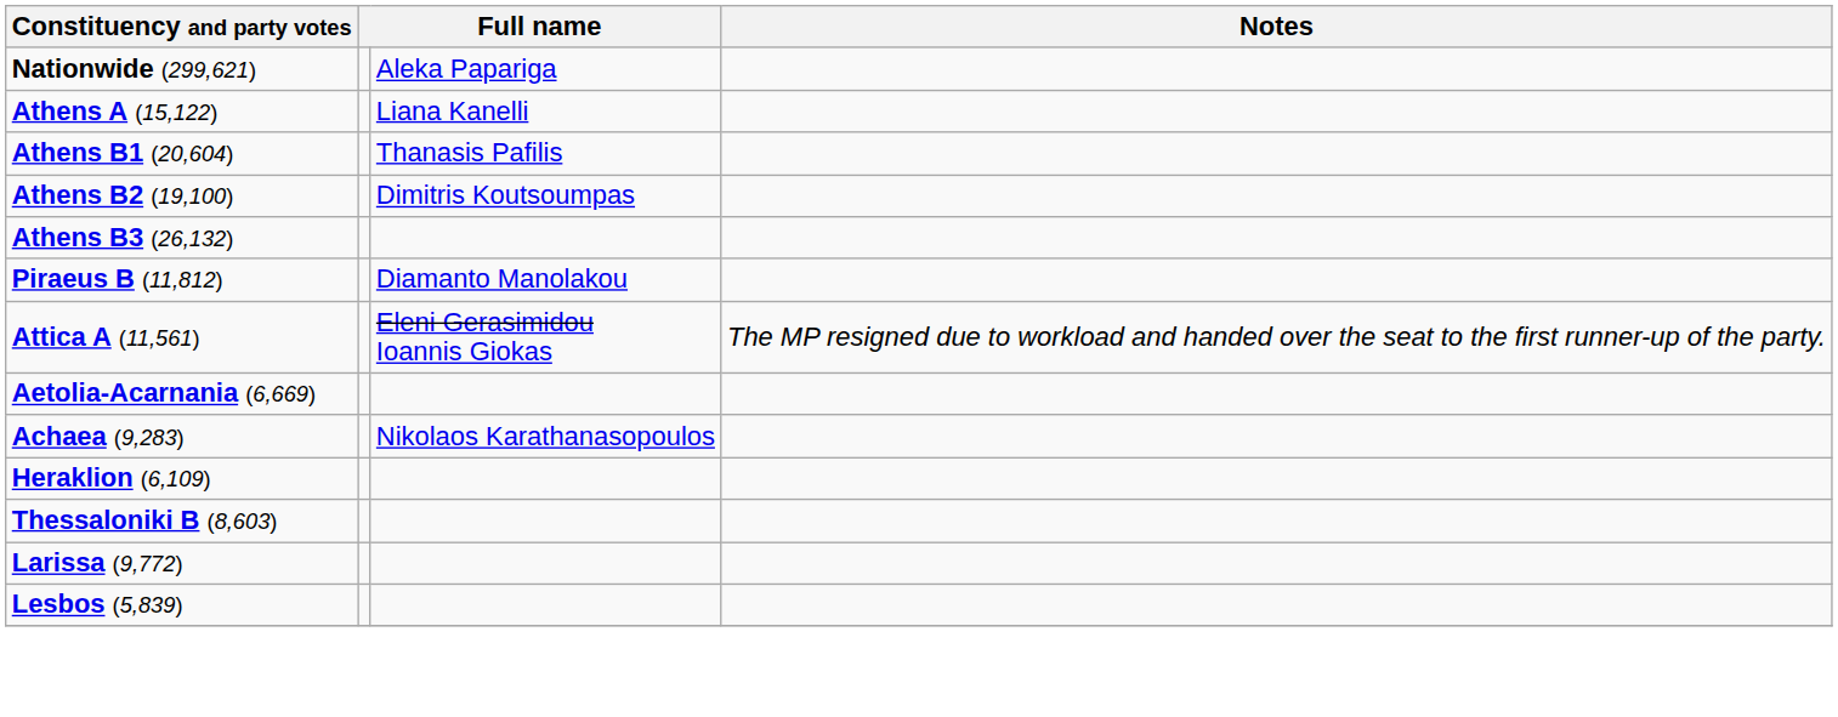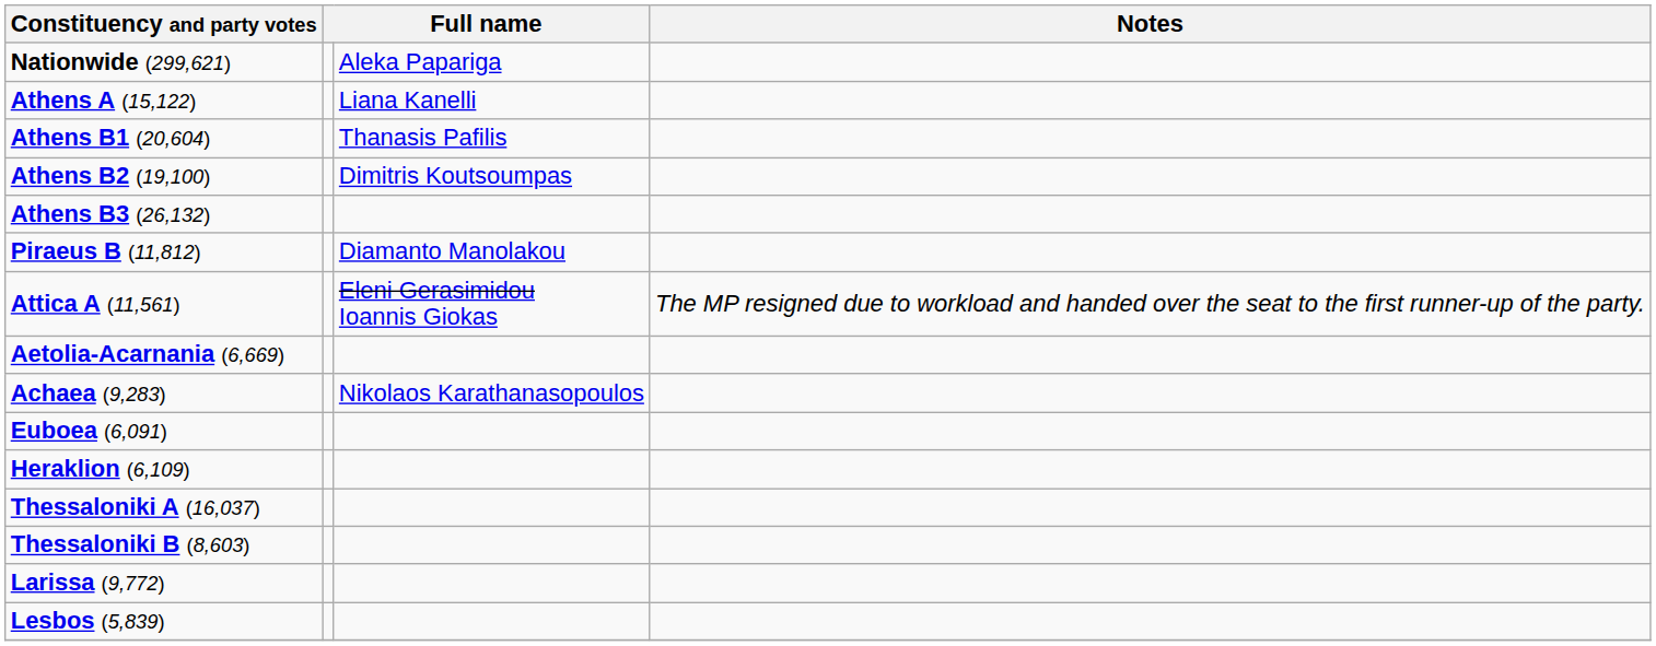 <table class="wikitable">
 <tr>
 <th>Constituency <small>and party votes</small></th>
 <th colspan="2">Full name</th>
 <th>Notes</th>
 </tr>
 <tr>
 <td><strong>Nationwide</strong>  <small>(<em>299,621</em>)</small></td>
 <td></td>
 <td><a href='#'>Aleka Papariga</a></td>
 <td></td>
 </tr>
 <tr>
 <td><strong><a href='#'>Athens A</a></strong> <small>(<em>15,122</em>)</small></td>
 <td></td>
 <td><a href='#'>Liana Kanelli</a></td>
 <td></td>
 </tr>
 <tr>
 <td><strong><a href='#'>Athens B1</a></strong> <small>(<em>20,604</em>)</small></td>
 <td></td>
 <td><a href='#'>Thanasis Pafilis</a></td>
 <td></td>
 </tr>
 <tr>
 <td><strong><a href='#'>Athens B2</a></strong> <small>(<em>19,100</em>)</small></td>
 <td></td>
 <td><a href='#'>Dimitris Koutsoumpas</a></td>
 <td></td>
 </tr>
 <tr>
 <td><strong><a href='#'>Athens B3</a></strong> <small>(<em>26,132</em>)</small></td>
 <td></td>
 <td></td>
 <td></td>
 </tr>
 <tr>
 <td><strong><a href='#'>Piraeus B</a></strong> <small>(<em>11,812</em>)</small></td>
 <td></td>
 <td><a href='#'>Diamanto Manolakou</a></td>
 <td></td>
 </tr>
 <tr>
 <td><a href='#'><strong>Attica A</strong></a> <small>(<em>11,561</em>)</small></td>
 <td></td>
 <td><s><a href='#'>Eleni Gerasimidou</a></s> <br> <a href='#'>Ioannis Giokas</a></td>
 <td><em>The MP resigned due to workload and handed over the seat to the first runner-up of the party.</em> </td>
 </tr>
 <tr>
 <td><a href='#'><strong>Aetolia-Acarnania</strong></a> <small>(<em>6,669</em>)</small></td>
 <td></td>
 <td></td>
 <td></td>
 </tr>
 <tr>
 <td><a href='#'><strong>Achaea</strong></a> <small>(<em>9,283</em>)</small></td>
 <td></td>
 <td><a href='#'>Nikolaos Karathanasopoulos</a></td>
 <td></td>
 </tr>
 <tr>
+<td><a href='#'><strong>Euboea</strong></a> <small>(<em>6,091</em>)</small></td>
+<td></td>
+<td></td>
+<td></td>
+</tr>
+<tr>
 <td><a href='#'><strong>Heraklion</strong></a> <small>(<em>6,109</em>)</small></td>
+<td></td>
+<td></td>
+<td></td>
+</tr>
+<tr>
+<td><strong><a href='#'>Thessaloniki A</a></strong> <small>(<em>16,037</em>)</small></td>
 <td></td>
 <td></td>
 <td></td>
 </tr>
 <tr>
 <td><strong><a href='#'>Thessaloniki B</a></strong> <small>(<em>8,603</em>)</small></td>
 <td></td>
 <td></td>
 <td></td>
 </tr>
 <tr>
 <td><strong><a href='#'>Larissa</a></strong> <small>(<em>9,772</em>)</small></td>
 <td></td>
 <td></td>
 <td></td>
 </tr>
 <tr>
 <td><strong><a href='#'>Lesbos</a></strong> <small>(<em>5,839</em>)</small></td>
 <td></td>
 <td></td>
 <td></td>
 </tr>
 <tr>
 </tr>
 </table>
